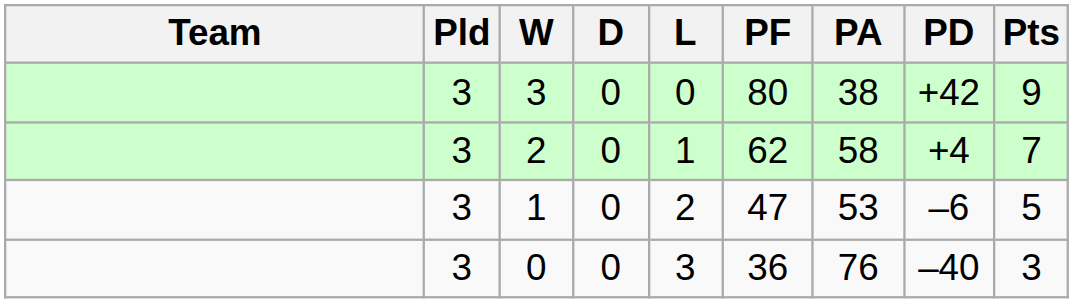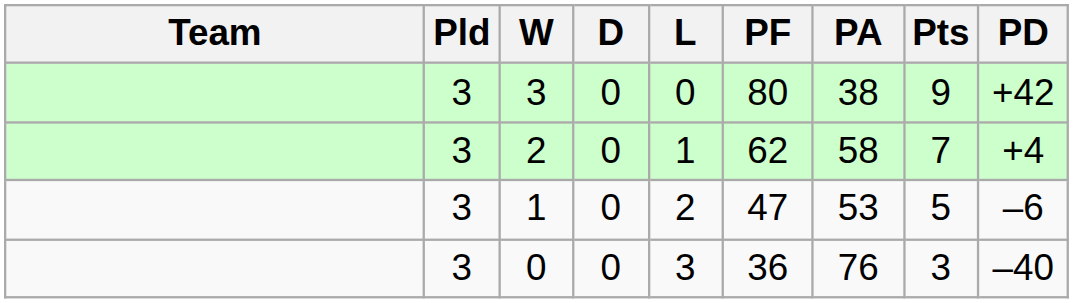 <table class="wikitable" style="text-align:center;">
 <tr>
 <th width=175>Team</th>
 <th width=25 abbr="Played">Pld</th>
 <th width=25 abbr="Won">W</th>
 <th width=25 abbr="Drawn">D</th>
 <th width=25 abbr="Lost">L</th>
 <th width=32 abbr="Points for">PF</th>
 <th width=32 abbr="Points against">PA</th>
+<th width=25 abbr="Points">Pts</th>
 <th width=32 abbr="Points difference">PD</th>
-<th width=25 abbr="Points">Pts</th>
 </tr>
 <tr bgcolor=ccffcc>
 <td align=left></td>
 <td>3</td>
 <td>3</td>
 <td>0</td>
 <td>0</td>
 <td>80</td>
 <td>38</td>
+<td>9</td>
 <td>+42</td>
-<td>9</td>
 </tr>
 <tr bgcolor=ccffcc>
 <td align=left></td>
 <td>3</td>
 <td>2</td>
 <td>0</td>
 <td>1</td>
 <td>62</td>
 <td>58</td>
+<td>7</td>
 <td>+4</td>
-<td>7</td>
 </tr>
 <tr>
 <td align=left></td>
 <td>3</td>
 <td>1</td>
 <td>0</td>
 <td>2</td>
 <td>47</td>
 <td>53</td>
+<td>5</td>
 <td>–6</td>
-<td>5</td>
 </tr>
 <tr>
 <td align=left></td>
 <td>3</td>
 <td>0</td>
 <td>0</td>
 <td>3</td>
 <td>36</td>
 <td>76</td>
+<td>3</td>
 <td>–40</td>
-<td>3</td>
 </tr>
 </table>
